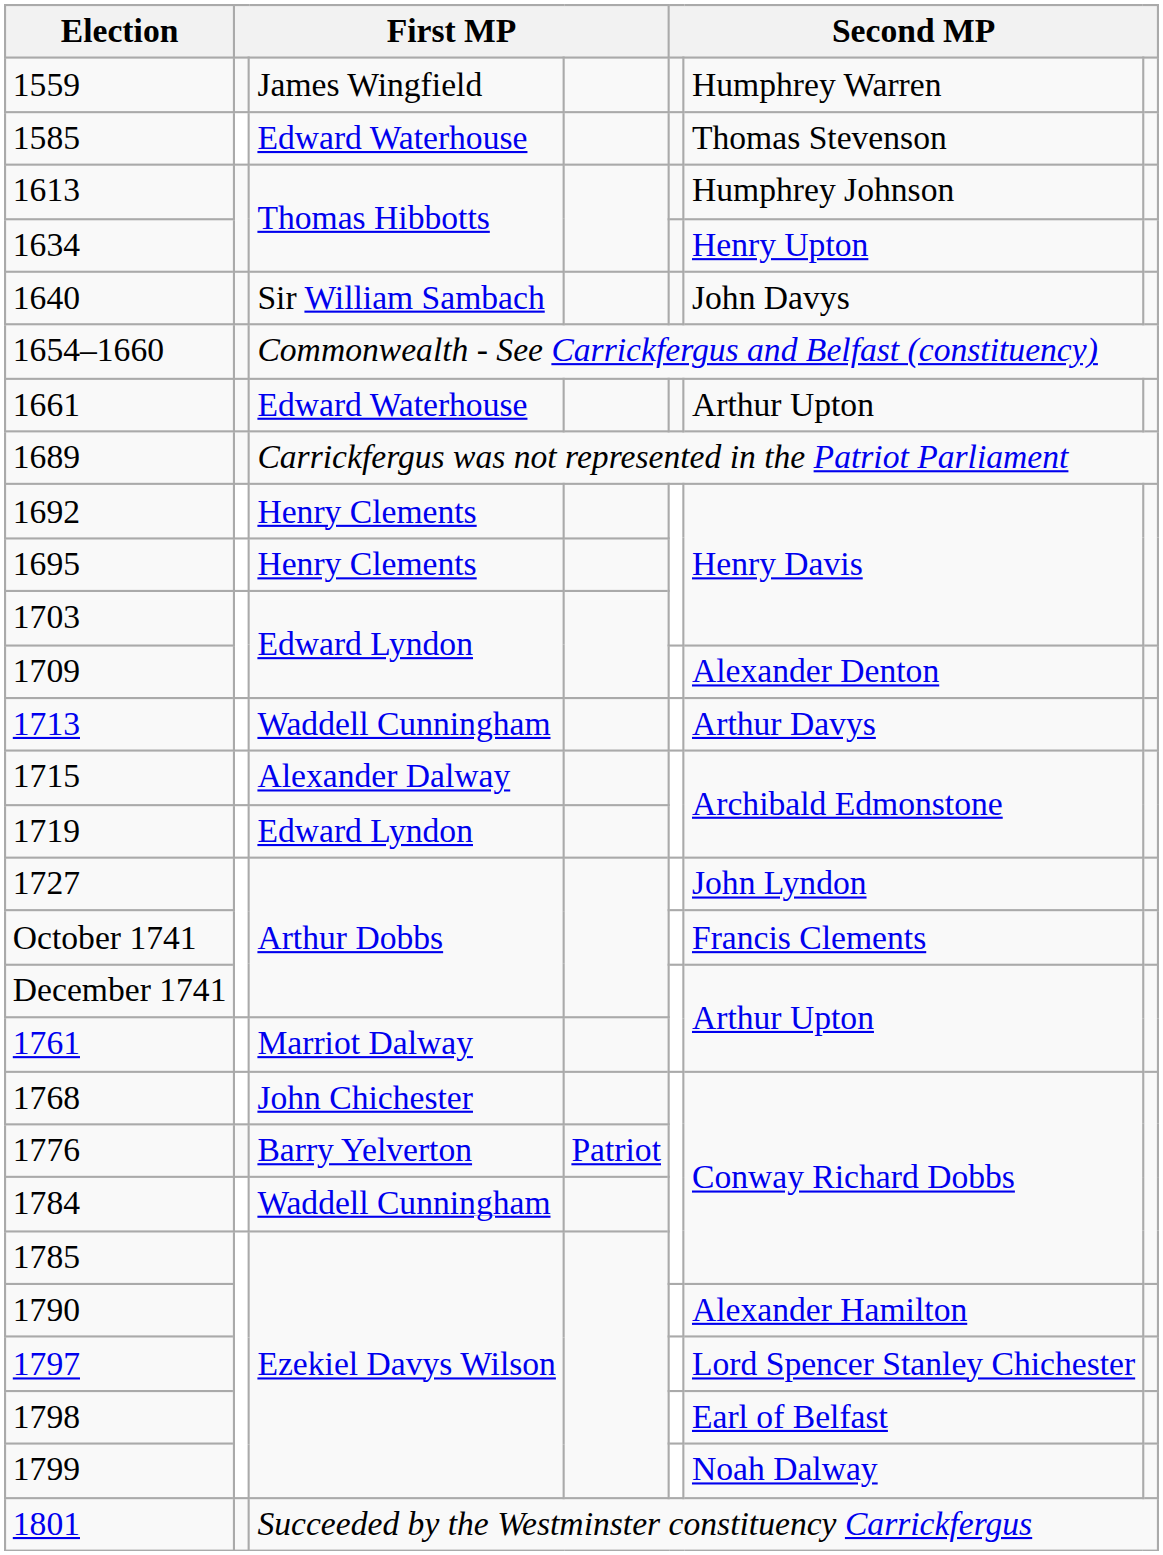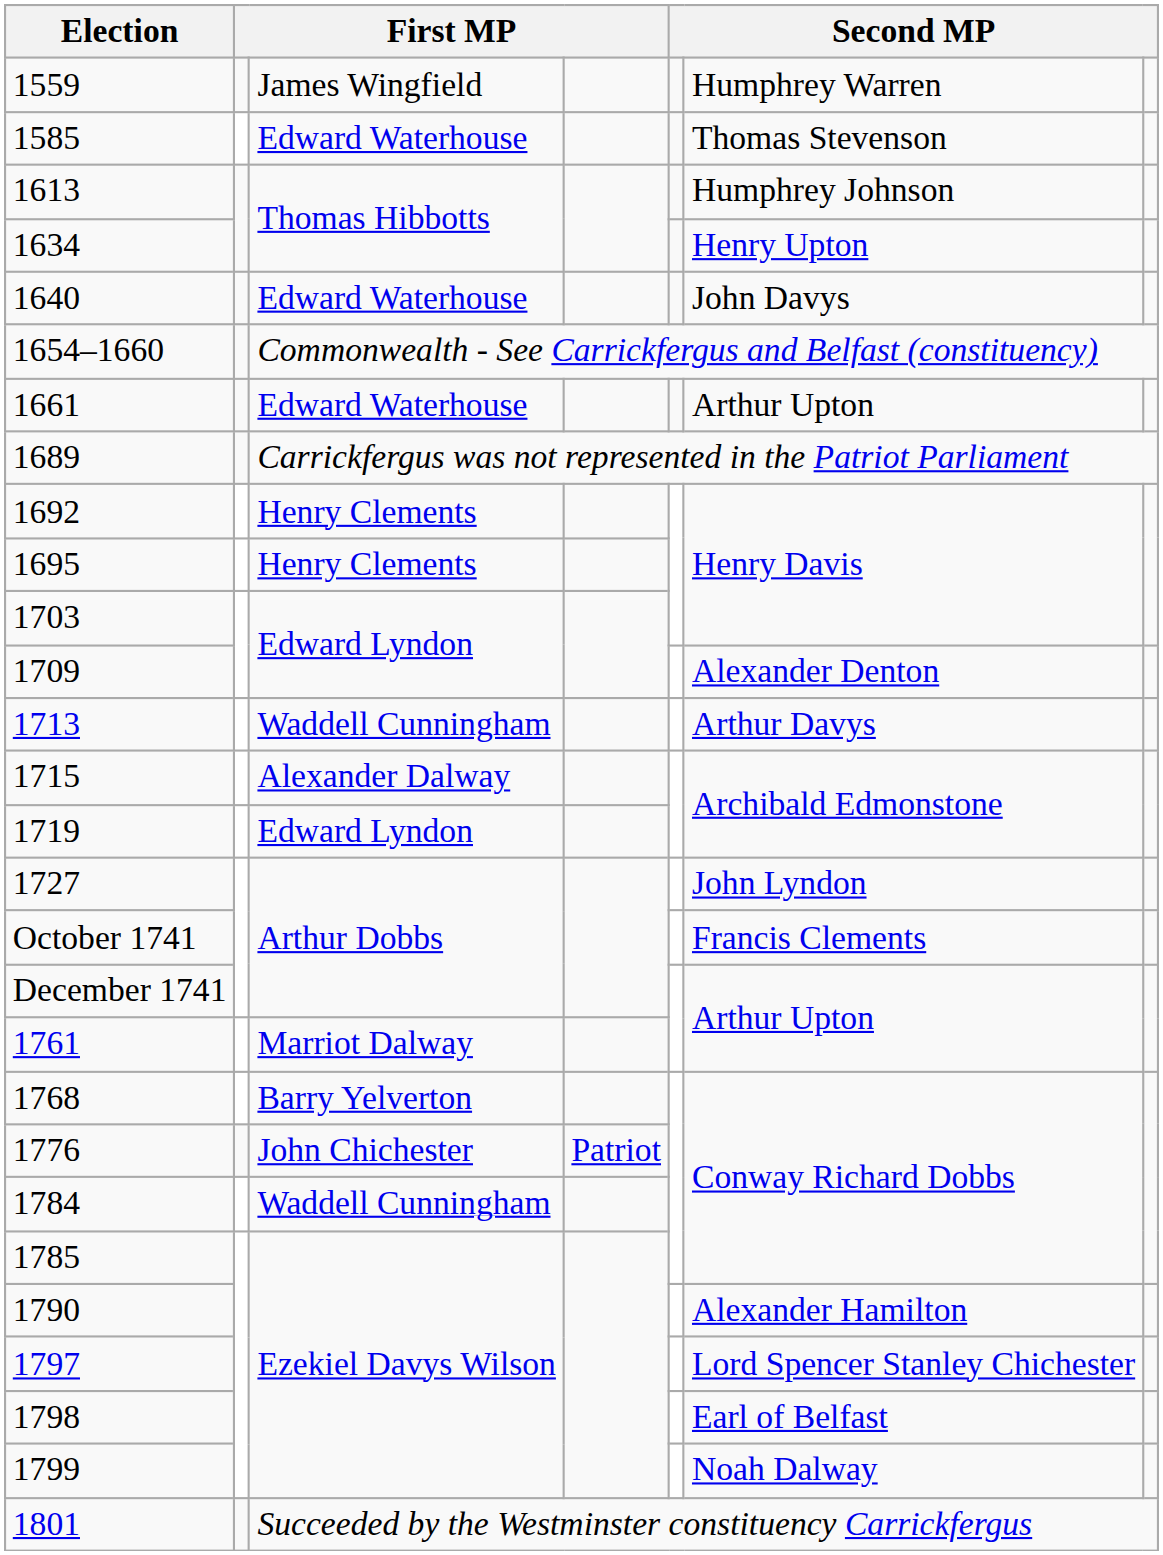 <table class="wikitable">
 <tr>
 <th>Election</th>
 <th colspan=3>First MP</th>
 <th colspan=3>Second MP</th>
 </tr>
 <tr>
 <td>1559</td>
 <td></td>
 <td>James Wingfield</td>
 <td></td>
 <td></td>
 <td>Humphrey Warren</td>
 <td></td>
 </tr>
 <tr>
 <td>1585</td>
 <td style="background-color: white"></td>
 <td><a href='#'>Edward Waterhouse</a></td>
 <td></td>
 <td></td>
 <td>Thomas Stevenson</td>
 <td></td>
 </tr>
 <tr>
 <td>1613</td>
 <td rowspan=2></td>
 <td rowspan=2><a href='#'>Thomas Hibbotts</a></td>
 <td rowspan=2></td>
 <td></td>
 <td>Humphrey Johnson</td>
 <td></td>
 </tr>
 <tr>
 <td>1634</td>
 <td></td>
 <td><a href='#'>Henry Upton</a></td>
 <td></td>
 </tr>
 <tr>
 <td>1640</td>
 <td style="background color: white"></td>
-<td>Sir <a href='#'>William Sambach</a></td>
+<td><a href='#'>Edward Waterhouse</a></td>
 <td></td>
 <td></td>
 <td>John Davys</td>
 <td></td>
 </tr>
 <tr>
 <td>1654–1660</td>
 <td></td>
 <td colspan = "5"><em>Commonwealth</em> - <em>See <a href='#'>Carrickfergus and Belfast (constituency)</a></em></td>
 </tr>
 <tr>
 <td>1661</td>
 <td style="background color: white"></td>
 <td><a href='#'>Edward Waterhouse</a></td>
 <td></td>
 <td></td>
 <td>Arthur Upton</td>
 <td></td>
 </tr>
 <tr>
 <td>1689</td>
 <td></td>
 <td colspan="5"><em>Carrickfergus was not represented in the <a href='#'>Patriot Parliament</a></em></td>
 </tr>
 <tr>
 <td>1692</td>
 <td style="background-color: white"></td>
 <td><a href='#'>Henry Clements</a></td>
 <td></td>
 <td rowspan="3" style="background-color: white"></td>
 <td rowspan="3"><a href='#'>Henry Davis</a></td>
 <td rowspan="3"></td>
 </tr>
 <tr>
 <td>1695</td>
 <td style="background-color: white"></td>
 <td><a href='#'>Henry Clements</a></td>
 <td></td>
 </tr>
 <tr>
 <td>1703</td>
 <td rowspan="2" style="background-color: white"></td>
 <td rowspan="2"><a href='#'>Edward Lyndon</a></td>
 <td rowspan="2"></td>
 </tr>
 <tr>
 <td>1709</td>
 <td style="background-color: white"></td>
 <td><a href='#'>Alexander Denton</a></td>
 <td></td>
 </tr>
 <tr>
 <td><a href='#'>1713</a></td>
 <td style="background-color: white"></td>
 <td><a href='#'>Waddell Cunningham</a></td>
 <td></td>
 <td style="background-color: white"></td>
 <td><a href='#'>Arthur Davys</a></td>
 <td></td>
 </tr>
 <tr>
 <td>1715</td>
 <td style="background-color: white"></td>
 <td><a href='#'>Alexander Dalway</a></td>
 <td></td>
 <td rowspan="2" style="background-color: white"></td>
 <td rowspan="2"><a href='#'>Archibald Edmonstone</a></td>
 <td rowspan="2"></td>
 </tr>
 <tr>
 <td>1719</td>
 <td style="background-color: white"></td>
 <td><a href='#'>Edward Lyndon</a></td>
 <td></td>
 </tr>
 <tr>
 <td>1727</td>
 <td rowspan="3" style="background-color: white"></td>
 <td rowspan="3"><a href='#'>Arthur Dobbs</a></td>
 <td rowspan="3"></td>
 <td style="background-color: white"></td>
 <td><a href='#'>John Lyndon</a></td>
 <td></td>
 </tr>
 <tr>
 <td>October 1741</td>
 <td style="background-color: white"></td>
 <td><a href='#'>Francis Clements</a></td>
 <td></td>
 </tr>
 <tr>
 <td>December 1741</td>
 <td rowspan="2" style="background-color: white"></td>
 <td rowspan="2"><a href='#'>Arthur Upton</a></td>
 <td rowspan="2"></td>
 </tr>
 <tr>
 <td><a href='#'>1761</a></td>
 <td style="background-color: white"></td>
 <td><a href='#'>Marriot Dalway</a></td>
 <td></td>
 </tr>
 <tr>
 <td>1768</td>
 <td style="background-color: white"></td>
-<td><a href='#'>John Chichester</a></td>
+<td><a href='#'>Barry Yelverton</a></td>
 <td></td>
 <td rowspan="4" style="background-color: white"></td>
 <td rowspan="4"><a href='#'>Conway Richard Dobbs</a></td>
 <td rowspan="4"></td>
 </tr>
 <tr>
 <td>1776</td>
 <td style="background-color: "></td>
-<td><a href='#'>Barry Yelverton</a></td>
+<td><a href='#'>John Chichester</a></td>
 <td><a href='#'>Patriot</a></td>
 </tr>
 <tr>
 <td>1784</td>
 <td style="background-color: white"></td>
 <td><a href='#'>Waddell Cunningham</a></td>
 <td></td>
 </tr>
 <tr>
 <td>1785</td>
 <td rowspan="5" style="background-color: white"></td>
 <td rowspan="5"><a href='#'>Ezekiel Davys Wilson</a></td>
 <td rowspan="5"></td>
 </tr>
 <tr>
 <td>1790</td>
 <td style="background-color: white"></td>
 <td><a href='#'>Alexander Hamilton</a></td>
 <td></td>
 </tr>
 <tr>
 <td><a href='#'>1797</a></td>
 <td style="background-color: white"></td>
 <td><a href='#'>Lord Spencer Stanley Chichester</a></td>
 <td></td>
 </tr>
 <tr>
 <td>1798</td>
 <td style="background-color: white"></td>
 <td><a href='#'>Earl of Belfast</a></td>
 <td></td>
 </tr>
 <tr>
 <td>1799</td>
 <td style="background-color: white"></td>
 <td><a href='#'>Noah Dalway</a></td>
 <td></td>
 </tr>
 <tr>
 <td><a href='#'>1801</a></td>
 <td></td>
 <td colspan="5"><em>Succeeded by the Westminster constituency <a href='#'>Carrickfergus</a></em></td>
 </tr>
 </table>
